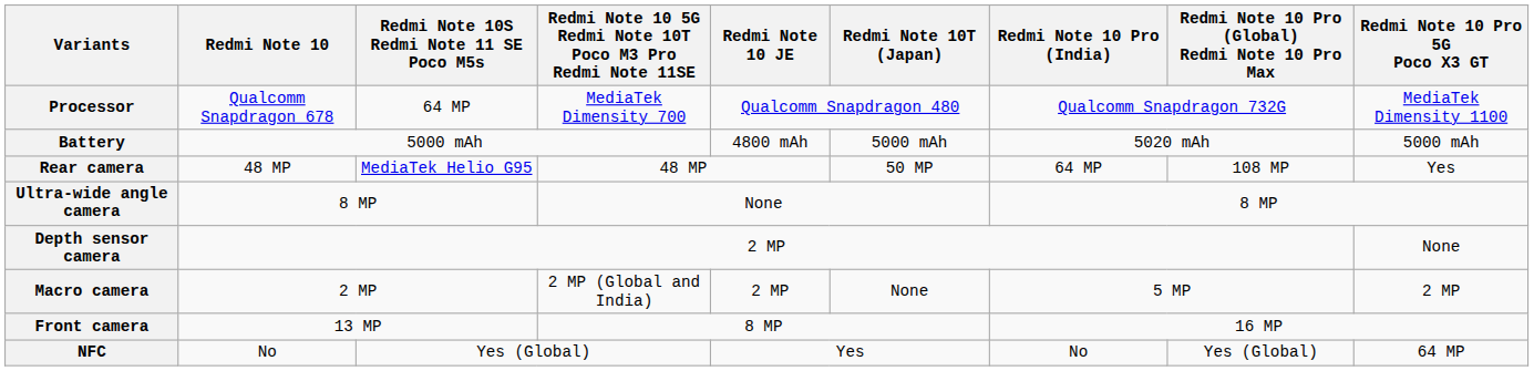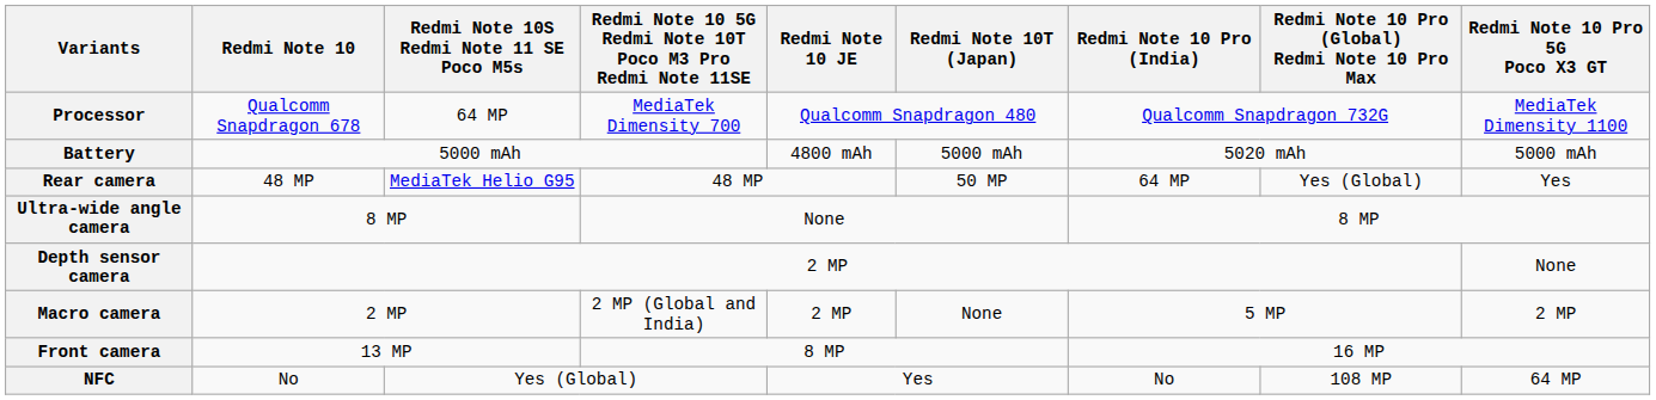 <table class="wikitable" style="text-align:center">
 <tr>
 <th>Variants</th>
 <th>Redmi Note 10</th>
 <th>Redmi Note 10S<br>Redmi Note 11 SE Poco M5s</th>
 <th>Redmi Note 10 5G<br>Redmi Note 10T<br>Poco M3 Pro<br>Redmi Note 11SE</th>
 <th>Redmi Note 10 JE</th>
 <th>Redmi Note 10T (Japan)</th>
 <th>Redmi Note 10 Pro (India)</th>
 <th>Redmi Note 10 Pro (Global)<br>Redmi Note 10 Pro Max</th>
 <th>Redmi Note 10 Pro 5G<br>Poco X3 GT</th>
 </tr>
 <tr>
 <th>Processor</th>
 <td><a href='#'>Qualcomm Snapdragon 678</a></td>
 <td>64 MP</td>
 <td><a href='#'>MediaTek Dimensity 700</a></td>
 <td colspan="2"><a href='#'>Qualcomm Snapdragon 480</a></td>
 <td colspan="2"><a href='#'>Qualcomm Snapdragon 732G</a></td>
 <td><a href='#'>MediaTek Dimensity 1100</a></td>
 </tr>
 <tr>
 <th>Battery</th>
 <td colspan="3">5000 mAh</td>
 <td>4800 mAh</td>
 <td>5000 mAh</td>
 <td colspan="2">5020 mAh</td>
 <td>5000 mAh</td>
 </tr>
 <tr>
 <th>Rear camera</th>
 <td>48 MP</td>
 <td><a href='#'>MediaTek Helio G95</a></td>
 <td colspan="2">48 MP</td>
 <td>50 MP</td>
 <td>64 MP</td>
-<td>108 MP</td>
+<td>Yes (Global)</td>
 <td>Yes</td>
 </tr>
 <tr>
 <th>Ultra-wide angle camera</th>
 <td colspan="2">8 MP</td>
 <td colspan="3">None</td>
 <td colspan="3">8 MP</td>
 </tr>
 <tr>
 <th>Depth sensor camera</th>
 <td colspan="7">2 MP</td>
 <td>None</td>
 </tr>
 <tr>
 <th>Macro camera</th>
 <td colspan="2">2 MP</td>
 <td>2 MP (Global and India)</td>
 <td>2 MP</td>
 <td>None</td>
 <td colspan="2">5 MP</td>
 <td>2 MP</td>
 </tr>
 <tr>
 <th>Front camera</th>
 <td colspan="2">13 MP</td>
 <td colspan="3">8 MP</td>
 <td colspan="3">16 MP</td>
 </tr>
 <tr>
 <th>NFC</th>
 <td>No</td>
 <td colspan="2">Yes (Global)</td>
 <td colspan="2">Yes</td>
 <td>No</td>
-<td>Yes (Global)</td>
+<td>108 MP</td>
 <td>64 MP</td>
 </tr>
 </table>
